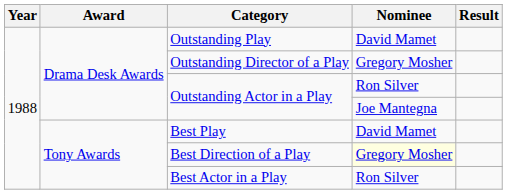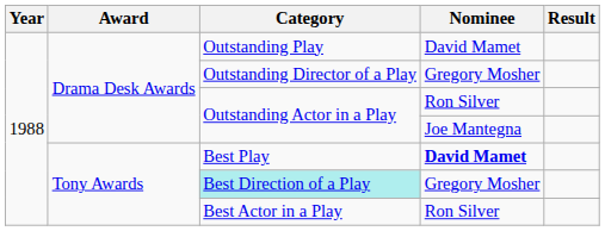 <table class="wikitable">
 <tr>
 <th>Year</th>
 <th>Award</th>
 <th>Category</th>
 <th>Nominee</th>
 <th>Result</th>
 </tr>
 <tr>
 <td rowspan="7">1988</td>
 <td rowspan="4"><a href='#'>Drama Desk Awards</a></td>
 <td><a href='#'>Outstanding Play</a></td>
 <td><a href='#'>David Mamet</a></td>
 <td></td>
 </tr>
 <tr>
 <td><a href='#'>Outstanding Director of a Play</a></td>
 <td><a href='#'>Gregory Mosher</a></td>
 <td></td>
 </tr>
 <tr>
 <td rowspan="2"><a href='#'>Outstanding Actor in a Play</a></td>
 <td><a href='#'>Ron Silver</a></td>
 <td></td>
 </tr>
 <tr>
 <td><a href='#'>Joe Mantegna</a></td>
 <td></td>
 </tr>
 <tr>
 <td rowspan="3"><a href='#'>Tony Awards</a></td>
 <td><a href='#'>Best Play</a></td>
-<td><a href='#'>David Mamet</a></td>
+<td><strong><a href='#'>David Mamet</a></strong></td>
 <td></td>
 </tr>
 <tr>
-<td><a href='#'>Best Direction of a Play</a></td>
-<td style="background: lightyellow;"><a href='#'>Gregory Mosher</a></td>
+<td style="background: paleturquoise;"><a href='#'>Best Direction of a Play</a></td>
+<td><a href='#'>Gregory Mosher</a></td>
 <td></td>
 </tr>
 <tr>
 <td><a href='#'>Best Actor in a Play</a></td>
 <td><a href='#'>Ron Silver</a></td>
 <td></td>
 </tr>
 </table>
